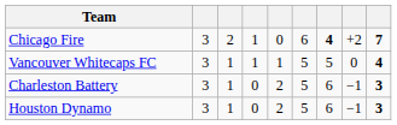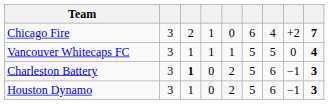 <table class="wikitable" style="text-align: center;">
 <tr>
 <th width="200">Team</th>
 <th width="20"></th>
 <th width="20"></th>
 <th width="20"></th>
 <th width="20"></th>
 <th width="20"></th>
 <th width="20"></th>
 <th width="20"></th>
 <th width="20"></th>
 </tr>
 <tr>
 <td style="text-align:left;"><a href='#'>Chicago Fire</a></td>
 <td>3</td>
 <td>2</td>
 <td>1</td>
 <td>0</td>
 <td>6</td>
-<td><strong>4</strong></td>
+<td>4</td>
 <td>+2</td>
 <td><strong>7</strong></td>
 </tr>
 <tr>
 <td style="text-align:left;"><a href='#'>Vancouver Whitecaps FC</a></td>
 <td>3</td>
 <td>1</td>
 <td>1</td>
 <td>1</td>
 <td>5</td>
 <td>5</td>
 <td>0</td>
 <td><strong>4</strong></td>
 </tr>
 <tr>
 <td style="text-align:left;"><a href='#'>Charleston Battery</a></td>
 <td>3</td>
-<td>1</td>
+<td><strong>1</strong></td>
 <td>0</td>
 <td>2</td>
 <td>5</td>
 <td>6</td>
 <td>−1</td>
 <td><strong>3</strong></td>
 </tr>
 <tr>
 <td style="text-align:left;"><a href='#'>Houston Dynamo</a></td>
 <td>3</td>
 <td>1</td>
 <td>0</td>
 <td>2</td>
 <td>5</td>
 <td>6</td>
 <td>−1</td>
 <td><strong>3</strong></td>
 </tr>
 </table>
